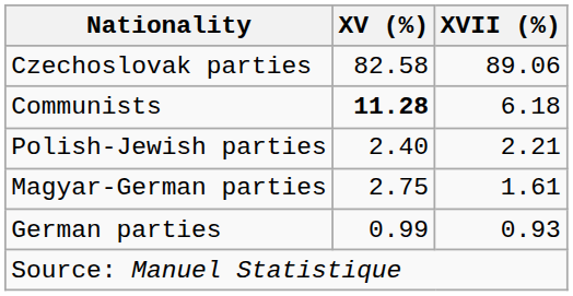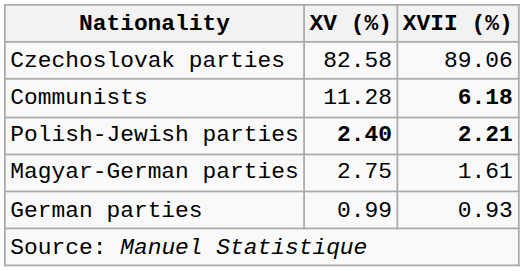 <table class=wikitable style=text-align:right>
 <tr>
 <th>Nationality</th>
 <th>XV (%)</th>
 <th>XVII (%)</th>
 </tr>
 <tr>
 <td align=left>Czechoslovak parties</td>
 <td>82.58</td>
 <td>89.06</td>
 </tr>
 <tr>
 <td align=left>Communists</td>
-<td><strong>11.28</strong></td>
-<td>6.18</td>
+<td>11.28</td>
+<td><strong>6.18</strong></td>
 </tr>
 <tr>
 <td align=left>Polish-Jewish parties</td>
-<td>2.40</td>
-<td>2.21</td>
+<td><strong>2.40</strong></td>
+<td><strong>2.21</strong></td>
 </tr>
 <tr>
 <td align=left>Magyar-German parties</td>
 <td>2.75</td>
 <td>1.61</td>
 </tr>
 <tr>
 <td align=left>German parties</td>
 <td>0.99</td>
 <td>0.93</td>
 </tr>
 <tr>
 <td align=left colspan=3>Source: <em>Manuel Statistique</em></td>
 </tr>
 </table>
